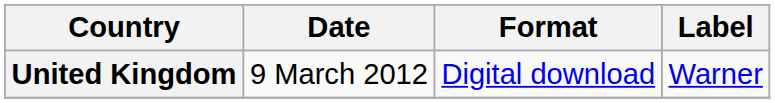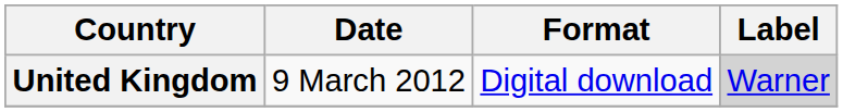 <table class="wikitable plainrowheaders">
 <tr>
 <th scope="col">Country</th>
 <th scope="col">Date</th>
 <th scope="col">Format</th>
 <th scope="col">Label</th>
 </tr>
 <tr>
 <th scope="row">United Kingdom</th>
 <td>9 March 2012</td>
 <td><a href='#'>Digital download</a></td>
-<td><a href='#'>Warner</a></td>
+<td style="background: lightgrey;"><a href='#'>Warner</a></td>
 </tr>
 <tr>
 </tr>
 </table>
